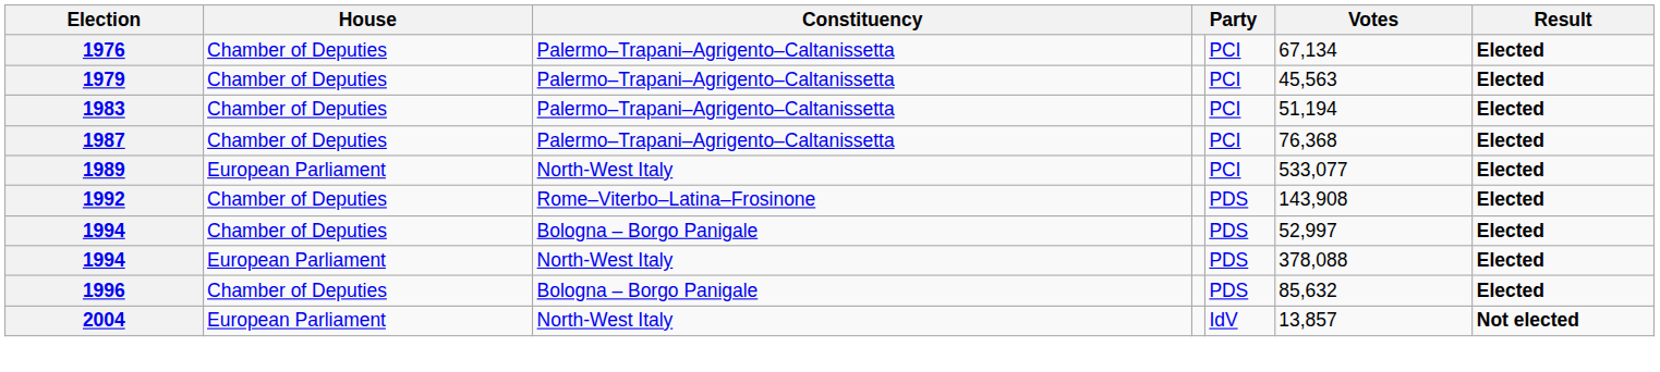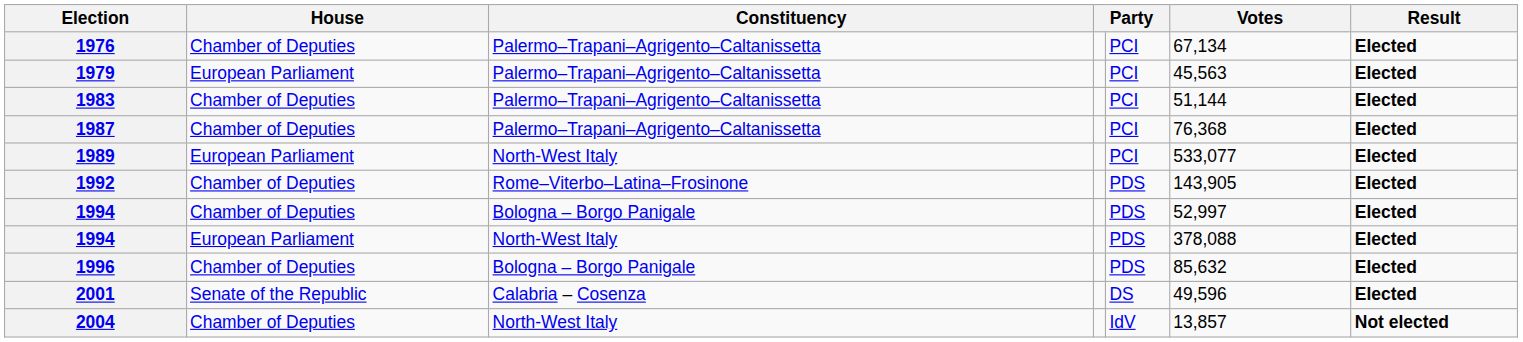 <table class=wikitable style="width:70%; border:1px #AAAAFF solid">
 <tr>
 <th width=12%>Election</th>
 <th width=20%>House</th>
 <th width=40%>Constituency</th>
 <th width=5% colspan="2">Party</th>
 <th width=12%>Votes</th>
 <th width=20%>Result</th>
 </tr>
 <tr>
 <th><a href='#'>1976</a></th>
 <td><a href='#'>Chamber of Deputies</a></td>
 <td><a href='#'>Palermo–Trapani–Agrigento–Caltanissetta</a></td>
 <td></td>
 <td><a href='#'>PCI</a></td>
 <td>67,134</td>
 <td> <strong>Elected</strong></td>
 </tr>
 <tr>
 <th><a href='#'>1979</a></th>
-<td><a href='#'>Chamber of Deputies</a></td>
+<td><a href='#'>European Parliament</a></td>
 <td><a href='#'>Palermo–Trapani–Agrigento–Caltanissetta</a></td>
 <td></td>
 <td><a href='#'>PCI</a></td>
 <td>45,563</td>
 <td> <strong>Elected</strong></td>
 </tr>
 <tr>
 <th><a href='#'>1983</a></th>
 <td><a href='#'>Chamber of Deputies</a></td>
 <td><a href='#'>Palermo–Trapani–Agrigento–Caltanissetta</a></td>
 <td></td>
 <td><a href='#'>PCI</a></td>
-<td>51,194</td>
+<td>51,144</td>
 <td> <strong>Elected</strong></td>
 </tr>
 <tr>
 <th><a href='#'>1987</a></th>
 <td><a href='#'>Chamber of Deputies</a></td>
 <td><a href='#'>Palermo–Trapani–Agrigento–Caltanissetta</a></td>
 <td></td>
 <td><a href='#'>PCI</a></td>
 <td>76,368</td>
 <td> <strong>Elected</strong></td>
 </tr>
 <tr>
 <th><a href='#'>1989</a></th>
 <td><a href='#'>European Parliament</a></td>
 <td><a href='#'>North-West Italy</a></td>
 <td></td>
 <td><a href='#'>PCI</a></td>
 <td>533,077</td>
 <td> <strong>Elected</strong></td>
 </tr>
 <tr>
 <th><a href='#'>1992</a></th>
 <td><a href='#'>Chamber of Deputies</a></td>
 <td><a href='#'>Rome–Viterbo–Latina–Frosinone</a></td>
 <td></td>
 <td><a href='#'>PDS</a></td>
-<td>143,908</td>
+<td>143,905</td>
 <td> <strong>Elected</strong></td>
 </tr>
 <tr>
 <th><a href='#'>1994</a></th>
 <td><a href='#'>Chamber of Deputies</a></td>
 <td><a href='#'>Bologna – Borgo Panigale</a></td>
 <td></td>
 <td><a href='#'>PDS</a></td>
 <td>52,997</td>
 <td> <strong>Elected</strong></td>
 </tr>
 <tr>
 <th><a href='#'>1994</a></th>
 <td><a href='#'>European Parliament</a></td>
 <td><a href='#'>North-West Italy</a></td>
 <td></td>
 <td><a href='#'>PDS</a></td>
 <td>378,088</td>
 <td> <strong>Elected</strong></td>
 </tr>
 <tr>
 <th><a href='#'>1996</a></th>
 <td><a href='#'>Chamber of Deputies</a></td>
 <td><a href='#'>Bologna – Borgo Panigale</a></td>
 <td></td>
 <td><a href='#'>PDS</a></td>
 <td>85,632</td>
 <td> <strong>Elected</strong></td>
 </tr>
 <tr>
+<th><a href='#'>2001</a></th>
+<td><a href='#'>Senate of the Republic</a></td>
+<td><a href='#'>Calabria</a> – <a href='#'>Cosenza</a></td>
+<td></td>
+<td><a href='#'>DS</a></td>
+<td>49,596</td>
+<td> <strong>Elected</strong></td>
+</tr>
+<tr>
 <th><a href='#'>2004</a></th>
-<td><a href='#'>European Parliament</a></td>
+<td><a href='#'>Chamber of Deputies</a></td>
 <td><a href='#'>North-West Italy</a></td>
 <td></td>
 <td><a href='#'>IdV</a></td>
 <td>13,857</td>
 <td> <strong>Not elected</strong></td>
 </tr>
 </table>
